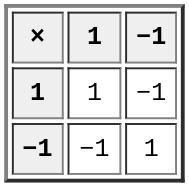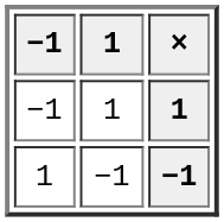 <table border="2" cellpadding="5" align="center" style="text-align:center;">
 <tr>
+<th style="background:#efefef;">−1</th>
+<th style="background:#efefef;">1</th>
 <th style="background:#efefef;">×</th>
+</tr>
+<tr>
+<td>−1</td>
+<td>1</td>
 <th style="background:#efefef;">1</th>
+</tr>
+<tr>
+<td>1</td>
+<td>−1</td>
 <th style="background:#efefef;">−1</th>
 </tr>
-<tr>
-<th style="background:#efefef;">1</th>
-<td>1</td>
-<td>−1</td>
-</tr>
-<tr>
-<th style="background:#efefef;">−1</th>
-<td>−1</td>
-<td>1</td>
-</tr>
 </table>
